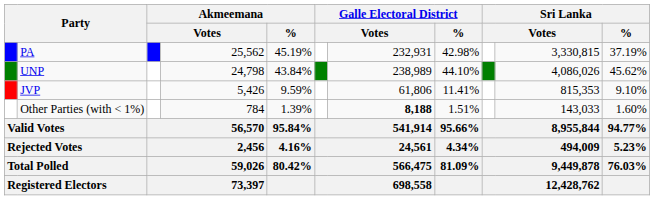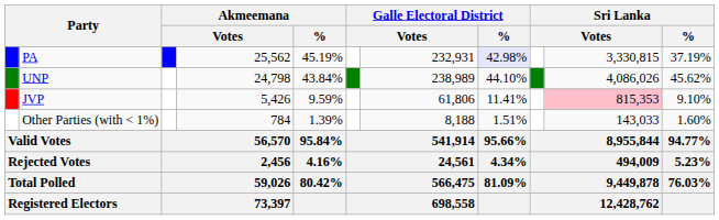 <table class="wikitable">
 <tr>
 <th colspan="2" width="144px"rowspan="2">Party</th>
 <th colspan="3" width="216px">Akmeemana</th>
 <th colspan="3" width="216px"><a href='#'>Galle Electoral District</a></th>
 <th colspan="3" width="216px">Sri Lanka</th>
 </tr>
 <tr>
 <th colspan="2" width="144px">Votes</th>
 <th>%</th>
 <th colspan="2" width="144px">Votes</th>
 <th>%</th>
 <th colspan="2" width="144px">Votes</th>
 <th>%</th>
 </tr>
 <tr>
 <td style="background-color:blue;" width="10px"></td>
 <td style="text-align:left;"><a href='#'>PA</a></td>
 <td style="background-color:blue;" width="10px"></td>
 <td style="text-align:right;">25,562</td>
 <td style="text-align:right;">45.19%</td>
 <td style="background-color:white;" width="10px"></td>
 <td style="text-align:right;">232,931</td>
-<td style="text-align:right;">42.98%</td>
+<td style="background: lavender; text-align:right;">42.98%</td>
 <td style="background-color:white;" width="10px"></td>
 <td style="text-align:right;">3,330,815</td>
 <td style="text-align:right;">37.19%</td>
 </tr>
 <tr>
 <td style="background-color:green;" width="10px"></td>
 <td style="text-align:left;"><a href='#'>UNP</a></td>
 <td style="background-color:white;" width="10px"></td>
 <td style="text-align:right;">24,798</td>
 <td style="text-align:right;">43.84%</td>
 <td style="background-color:green;" width="10px"></td>
 <td style="text-align:right;">238,989</td>
 <td style="text-align:right;">44.10%</td>
 <td style="background-color:green;" width="10px"></td>
 <td style="text-align:right;">4,086,026</td>
 <td style="text-align:right;">45.62%</td>
 </tr>
 <tr>
 <td style="background-color:red;" width="10px"></td>
 <td style="text-align:left;"><a href='#'>JVP</a></td>
 <td style="background-color:white;" width="10px"></td>
 <td style="text-align:right;">5,426</td>
 <td style="text-align:right;">9.59%</td>
 <td style="background-color:white;" width="10px"></td>
 <td style="text-align:right;">61,806</td>
 <td style="text-align:right;">11.41%</td>
 <td style="background-color:white;" width="10px"></td>
-<td style="text-align:right;">815,353</td>
+<td style="background: pink; text-align:right;">815,353</td>
 <td style="text-align:right;">9.10%</td>
 </tr>
 <tr>
 <td style="background-color:white;" width="10px"></td>
 <td style="text-align:left;">Other Parties (with < 1%)</td>
 <td style="background-color:white;" width="10px"></td>
 <td style="text-align:right;">784</td>
 <td style="text-align:right;">1.39%</td>
 <td style="background-color:white;" width="10px"></td>
-<td style="text-align:right;"><strong>8,188</strong></td>
+<td style="text-align:right;">8,188</td>
 <td style="text-align:right;">1.51%</td>
 <td style="background-color:white;" width="10px"></td>
 <td style="text-align:right;">143,033</td>
 <td style="text-align:right;">1.60%</td>
 </tr>
 <tr>
 <th colspan="2" width="144px"style="text-align:left;">Valid Votes</th>
 <th style="text-align:right;"colspan="2" width="144px">56,570</th>
 <th style="text-align:right;">95.84%</th>
 <th style="text-align:right;"colspan="2" width="144px">541,914</th>
 <th style="text-align:right;">95.66%</th>
 <th style="text-align:right;"colspan="2" width="144px">8,955,844</th>
 <th style="text-align:right;">94.77%</th>
 </tr>
 <tr>
 <th colspan="2" width="144px"style="text-align:left;">Rejected Votes</th>
 <th style="text-align:right;"colspan="2" width="144px">2,456</th>
 <th style="text-align:right;">4.16%</th>
 <th style="text-align:right;"colspan="2" width="144px">24,561</th>
 <th style="text-align:right;">4.34%</th>
 <th style="text-align:right;"colspan="2" width="144px">494,009</th>
 <th style="text-align:right;">5.23%</th>
 </tr>
 <tr>
 <th colspan="2" width="144px"style="text-align:left;">Total Polled</th>
 <th style="text-align:right;"colspan="2" width="144px">59,026</th>
 <th style="text-align:right;">80.42%</th>
 <th style="text-align:right;"colspan="2" width="144px">566,475</th>
 <th style="text-align:right;">81.09%</th>
 <th style="text-align:right;"colspan="2" width="144px">9,449,878</th>
 <th style="text-align:right;">76.03%</th>
 </tr>
 <tr>
 <th colspan="2" width="144px"style="text-align:left;">Registered Electors</th>
 <th style="text-align:right;"colspan="2" width="144px">73,397</th>
 <th></th>
 <th style="text-align:right;"colspan="2" width="144px">698,558</th>
 <th></th>
 <th style="text-align:right;"colspan="2" width="144px">12,428,762</th>
 <th></th>
 </tr>
 </table>
